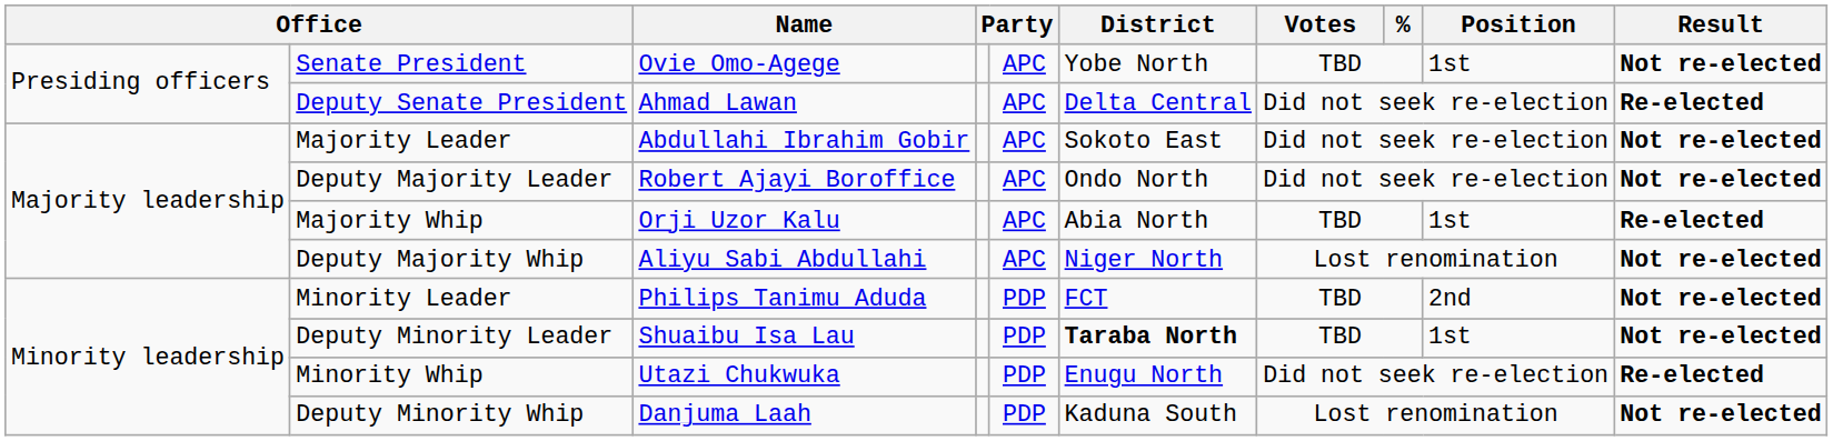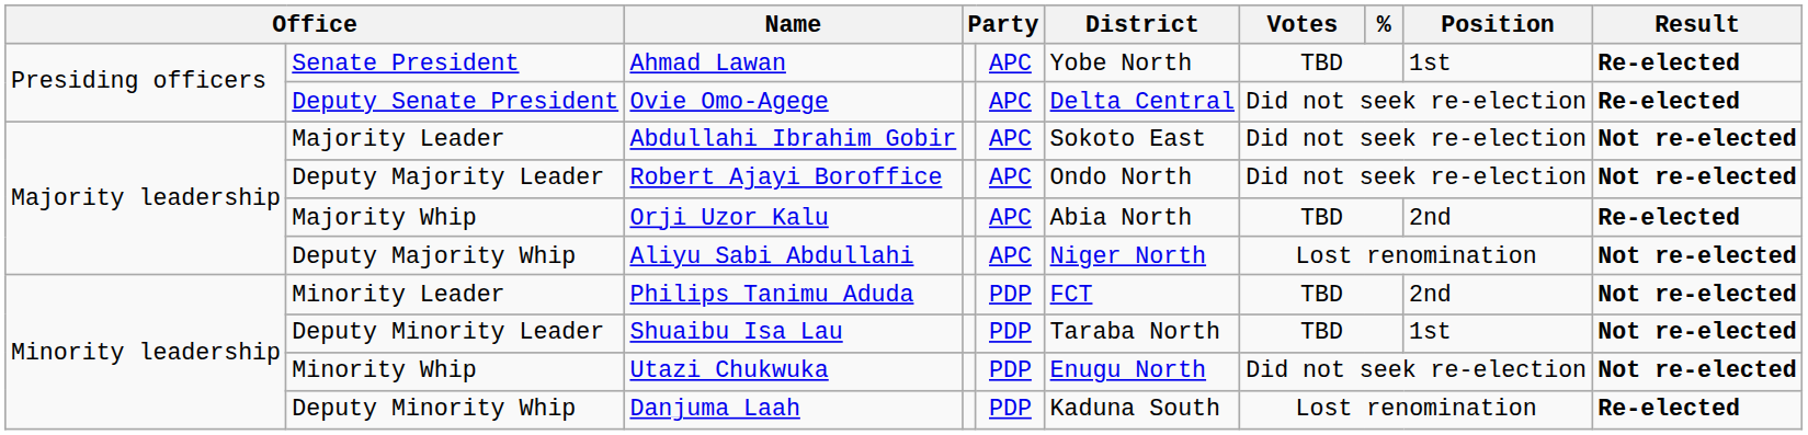 <table class="wikitable">
 <tr>
 <th colspan="2">Office</th>
 <th>Name</th>
 <th colspan="2">Party</th>
 <th>District</th>
 <th>Votes</th>
 <th>%</th>
 <th>Position</th>
 <th>Result</th>
 </tr>
 <tr>
 <td rowspan="2">Presiding officers</td>
 <td><a href='#'>Senate President</a></td>
-<td><a href='#'>Ovie Omo-Agege</a></td>
+<td><a href='#'>Ahmad Lawan</a></td>
 <td></td>
 <td align="center"><a href='#'>APC</a></td>
 <td>Yobe North</td>
 <td colspan="2" align="center">TBD</td>
 <td>1st</td>
-<td> <strong>Not re-elected</strong></td>
+<td> <strong>Re-elected</strong></td>
 </tr>
 <tr>
 <td><a href='#'>Deputy Senate President</a></td>
-<td><a href='#'>Ahmad Lawan</a></td>
+<td><a href='#'>Ovie Omo-Agege</a></td>
 <td></td>
 <td align="center"><a href='#'>APC</a></td>
 <td><a href='#'>Delta Central</a></td>
 <td colspan="3" align="center">Did not seek re-election</td>
 <td> <strong>Re-elected</strong></td>
 </tr>
 <tr>
 <td rowspan="4">Majority leadership</td>
 <td>Majority Leader</td>
 <td><a href='#'>Abdullahi Ibrahim Gobir</a></td>
 <td></td>
 <td align="center"><a href='#'>APC</a></td>
 <td>Sokoto East</td>
 <td colspan="3" align="center">Did not seek re-election</td>
 <td> <strong>Not re-elected</strong></td>
 </tr>
 <tr>
 <td>Deputy Majority Leader</td>
 <td><a href='#'>Robert Ajayi Boroffice</a></td>
 <td></td>
 <td align="center"><a href='#'>APC</a></td>
 <td>Ondo North</td>
 <td colspan="3" align="center">Did not seek re-election</td>
 <td> <strong>Not re-elected</strong></td>
 </tr>
 <tr>
 <td>Majority Whip</td>
 <td><a href='#'>Orji Uzor Kalu</a></td>
 <td></td>
 <td align="center"><a href='#'>APC</a></td>
 <td>Abia North</td>
 <td colspan="2" align="center">TBD</td>
-<td>1st</td>
+<td>2nd</td>
 <td> <strong>Re-elected</strong></td>
 </tr>
 <tr>
 <td>Deputy Majority Whip</td>
 <td><a href='#'>Aliyu Sabi Abdullahi</a></td>
 <td></td>
 <td align="center"><a href='#'>APC</a></td>
 <td><a href='#'>Niger North</a></td>
 <td colspan="3" align="center">Lost renomination</td>
 <td> <strong>Not re-elected</strong></td>
 </tr>
 <tr>
 <td rowspan="4">Minority leadership</td>
 <td>Minority Leader</td>
 <td><a href='#'>Philips Tanimu Aduda</a></td>
 <td></td>
 <td align="center"><a href='#'>PDP</a></td>
 <td><a href='#'>FCT</a></td>
 <td colspan="2" align="center">TBD</td>
 <td>2nd</td>
 <td> <strong>Not re-elected</strong></td>
 </tr>
 <tr>
 <td>Deputy Minority Leader</td>
 <td><a href='#'>Shuaibu Isa Lau</a></td>
 <td></td>
 <td align="center"><a href='#'>PDP</a></td>
-<td><strong>Taraba North</strong></td>
+<td>Taraba North</td>
 <td colspan="2" align="center">TBD</td>
 <td>1st</td>
 <td> <strong>Not re-elected</strong></td>
 </tr>
 <tr>
 <td>Minority Whip</td>
 <td><a href='#'>Utazi Chukwuka</a></td>
 <td></td>
 <td align="center"><a href='#'>PDP</a></td>
 <td><a href='#'>Enugu North</a></td>
 <td colspan="3" align="center">Did not seek re-election</td>
-<td> <strong>Re-elected</strong></td>
+<td> <strong>Not re-elected</strong></td>
 </tr>
 <tr>
 <td>Deputy Minority Whip</td>
 <td><a href='#'>Danjuma Laah</a></td>
 <td></td>
 <td align="center"><a href='#'>PDP</a></td>
 <td>Kaduna South</td>
 <td colspan="3" align="center">Lost renomination</td>
-<td> <strong>Not re-elected</strong></td>
+<td> <strong>Re-elected</strong></td>
 </tr>
 </table>
